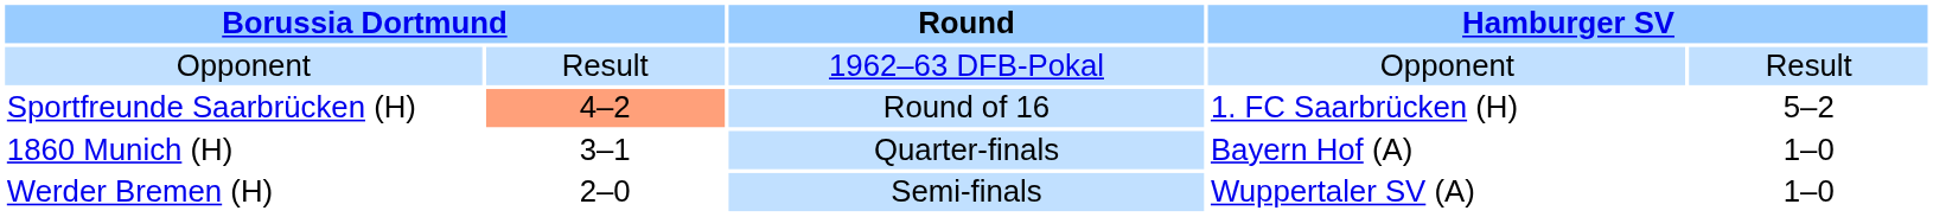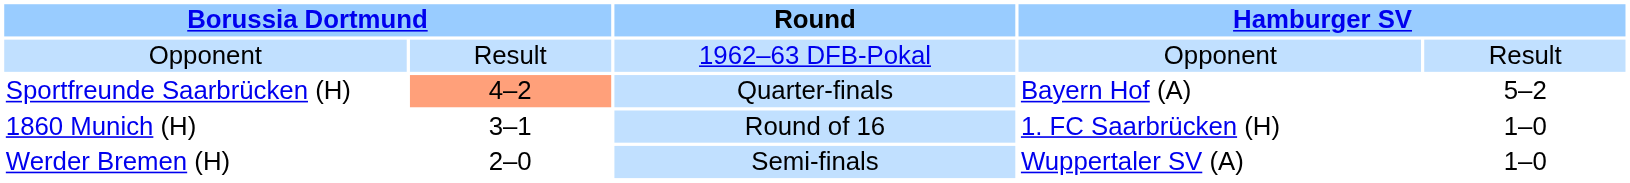 <table style="width:80%; text-align:center;">
 <tr style="vertical-align:top; background:#99CCFF;">
 <th colspan="2"><a href='#'>Borussia Dortmund</a></th>
 <th style="width:20%">Round</th>
 <th colspan="2"><a href='#'>Hamburger SV</a></th>
 </tr>
 <tr style="vertical-align:top; background:#C1E0FF;">
 <td style="width:20%">Opponent</td>
 <td style="width:10%">Result</td>
 <td><a href='#'>1962–63 DFB-Pokal</a></td>
 <td style="width:20%">Opponent</td>
 <td style="width:10%">Result</td>
 </tr>
 <tr>
 <td align="left"><a href='#'>Sportfreunde Saarbrücken</a> (H)</td>
 <td style="background: lightsalmon;">4–2</td>
-<td style="background:#C1E0FF;">Round of 16</td>
-<td align="left"><a href='#'>1. FC Saarbrücken</a> (H)</td>
+<td style="background:#C1E0FF;">Quarter-finals</td>
+<td align="left"><a href='#'>Bayern Hof</a> (A)</td>
 <td>5–2</td>
 </tr>
 <tr>
 <td align="left"><a href='#'>1860 Munich</a> (H)</td>
 <td>3–1</td>
-<td style="background:#C1E0FF;">Quarter-finals</td>
-<td align="left"><a href='#'>Bayern Hof</a> (A)</td>
+<td style="background:#C1E0FF;">Round of 16</td>
+<td align="left"><a href='#'>1. FC Saarbrücken</a> (H)</td>
 <td>1–0</td>
 </tr>
 <tr>
 <td align="left"><a href='#'>Werder Bremen</a> (H)</td>
 <td>2–0</td>
 <td style="background:#C1E0FF;">Semi-finals</td>
 <td align="left"><a href='#'>Wuppertaler SV</a> (A)</td>
 <td>1–0</td>
 </tr>
 </table>
